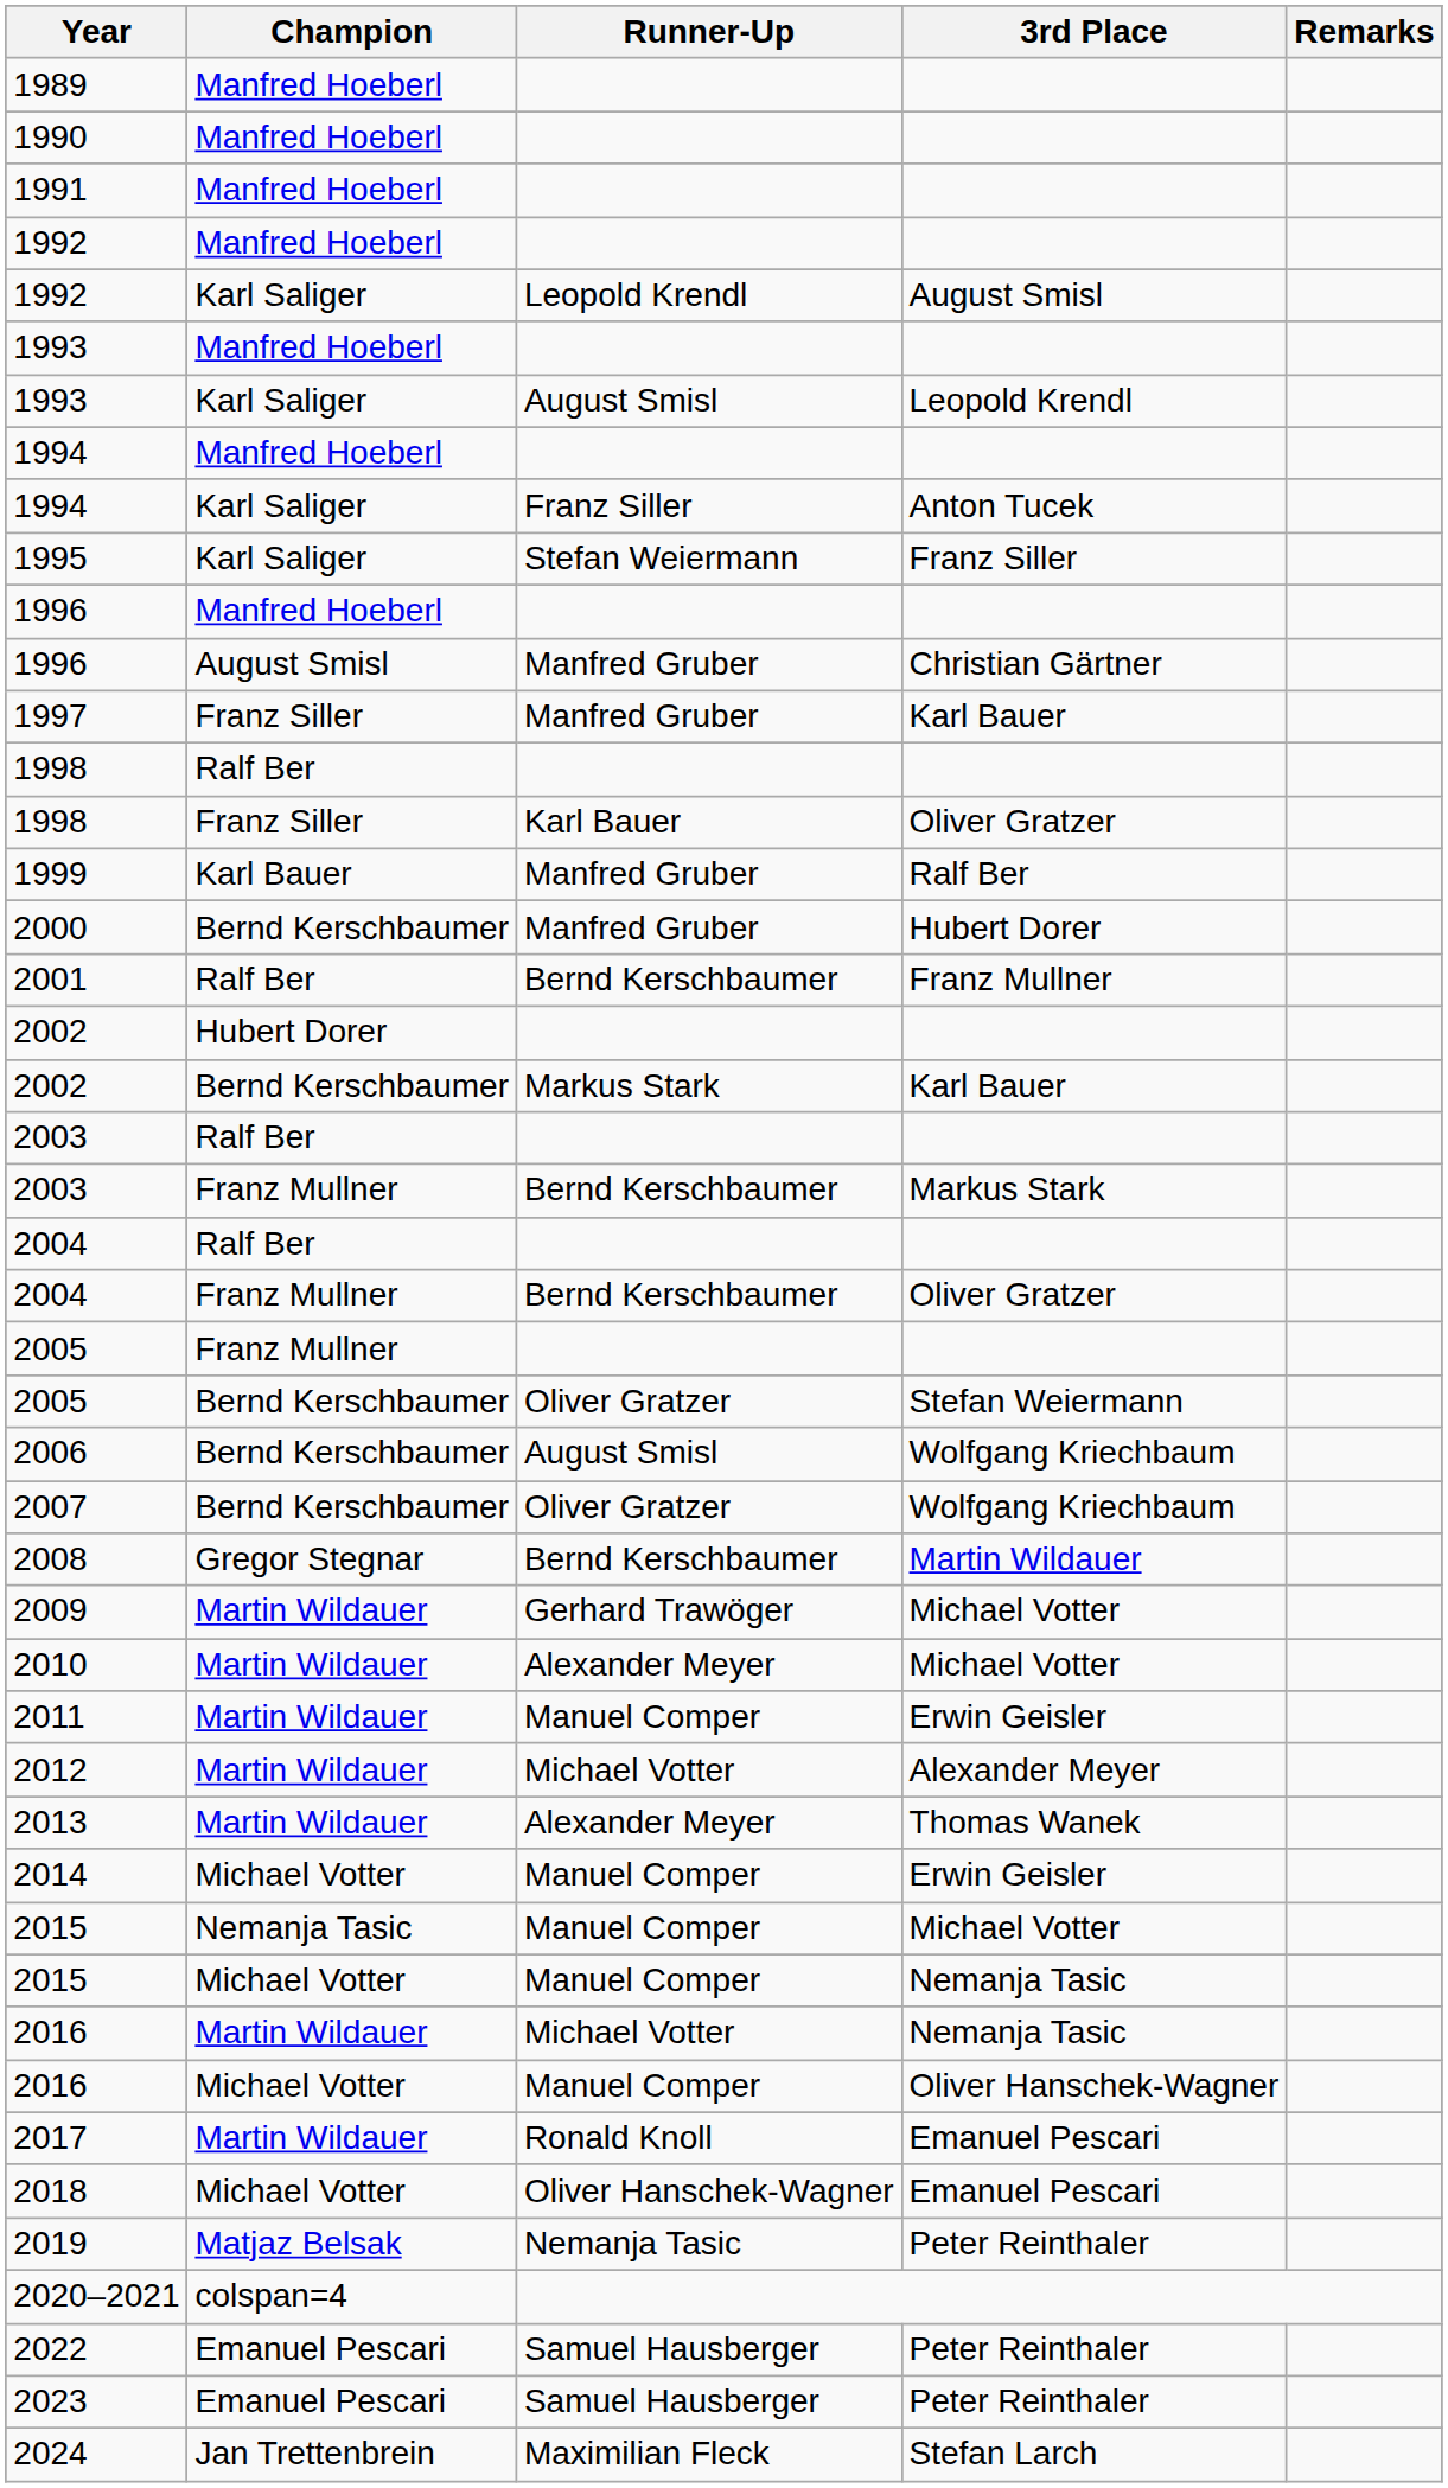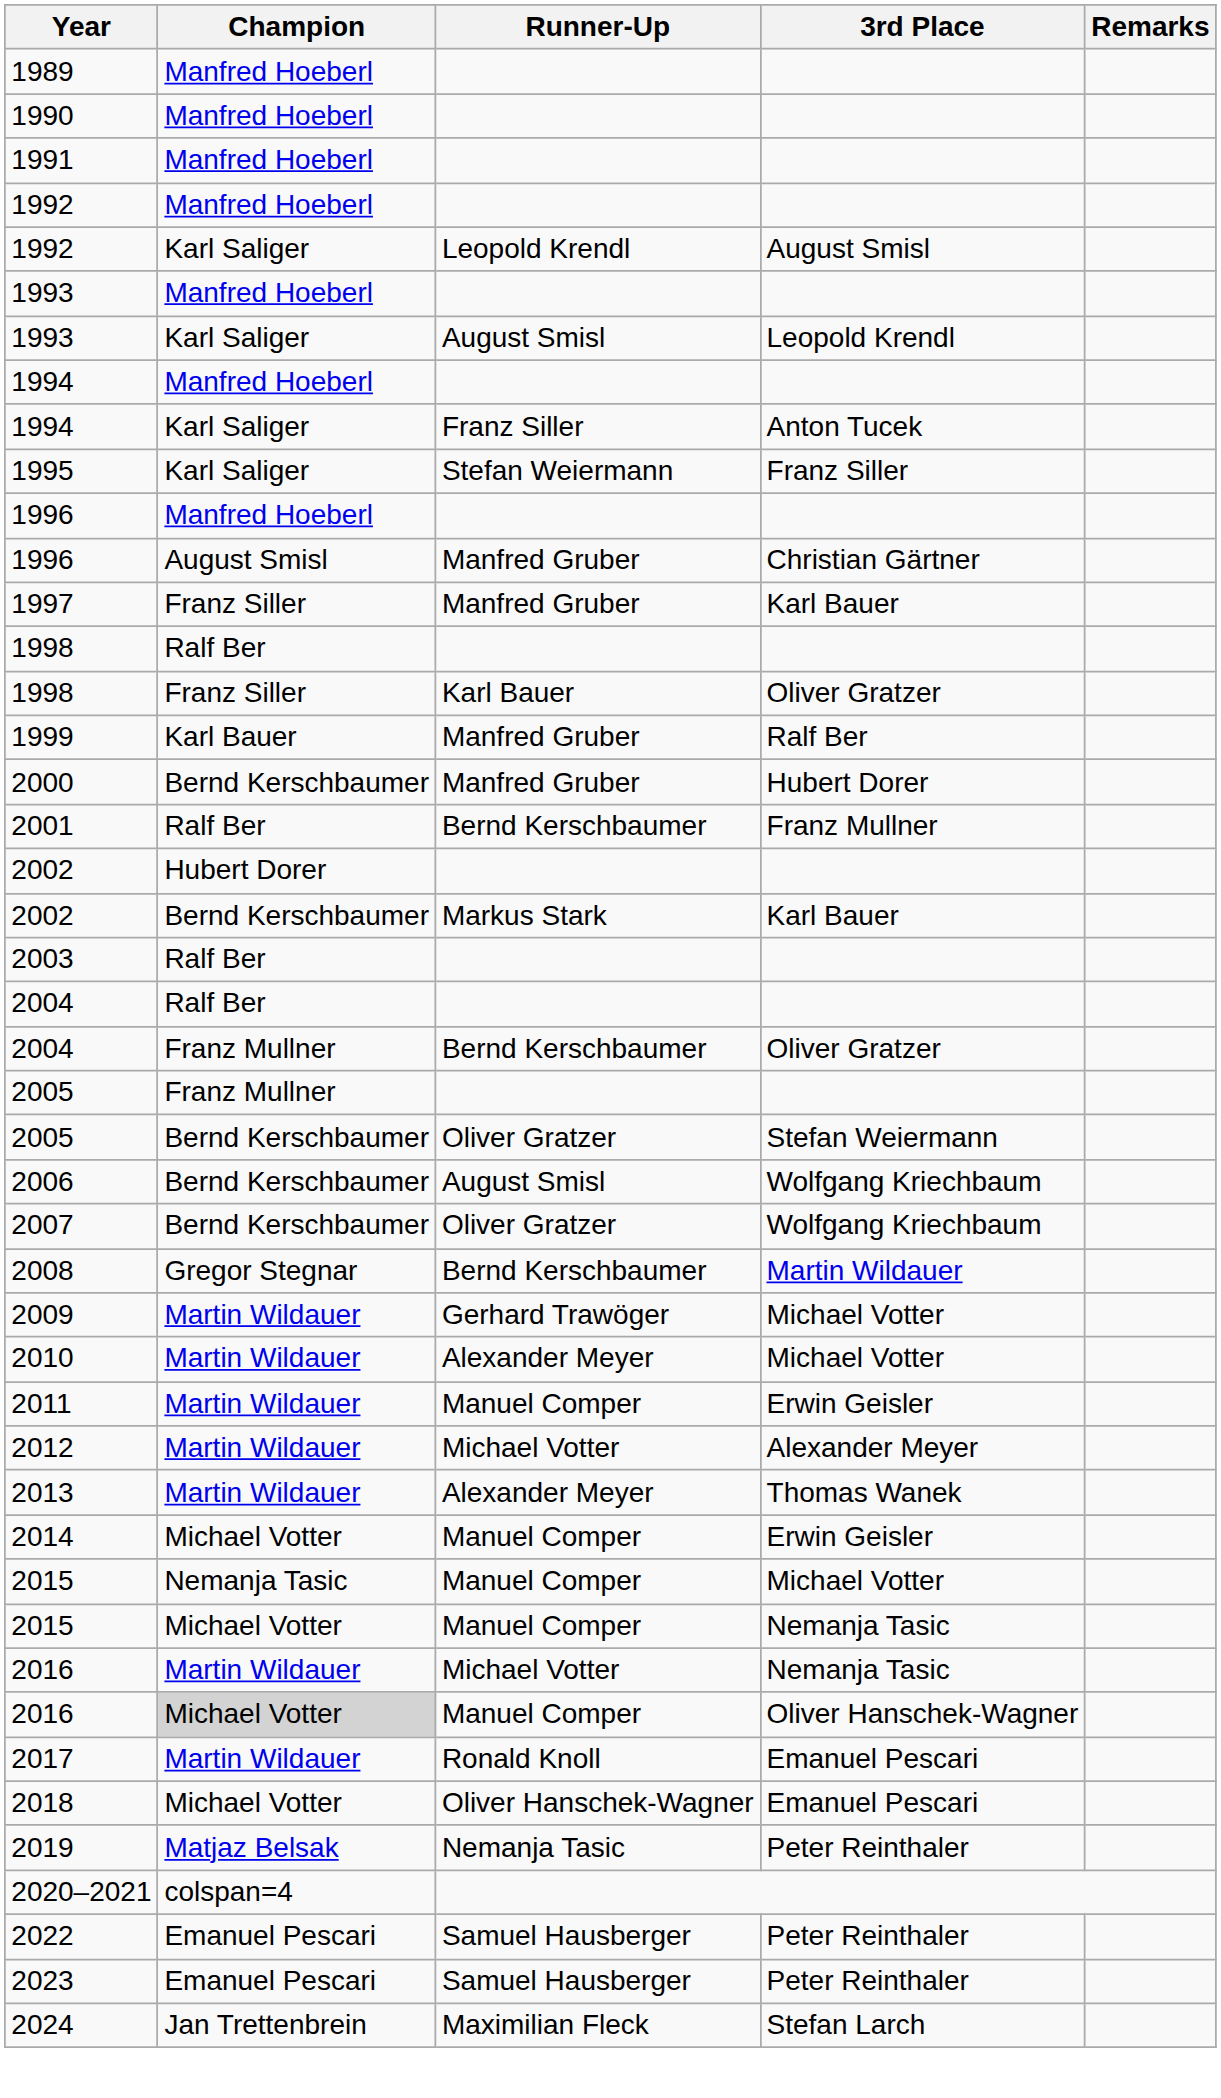 <table class="wikitable sortable" style="display: inline-table">
 <tr>
 <th>Year</th>
 <th>Champion</th>
 <th>Runner-Up</th>
 <th>3rd Place</th>
 <th>Remarks</th>
 </tr>
 <tr>
 <td>1989</td>
 <td> <a href='#'>Manfred Hoeberl</a></td>
 <td></td>
 <td></td>
 <td></td>
 </tr>
 <tr>
 <td>1990</td>
 <td> <a href='#'>Manfred Hoeberl</a></td>
 <td></td>
 <td></td>
 <td></td>
 </tr>
 <tr>
 <td>1991</td>
 <td> <a href='#'>Manfred Hoeberl</a></td>
 <td></td>
 <td></td>
 <td></td>
 </tr>
 <tr>
 <td>1992</td>
 <td> <a href='#'>Manfred Hoeberl</a></td>
 <td></td>
 <td></td>
 <td></td>
 </tr>
 <tr>
 <td>1992</td>
 <td> Karl Saliger</td>
 <td> Leopold Krendl</td>
 <td> August Smisl</td>
 <td></td>
 </tr>
 <tr>
 <td>1993</td>
 <td> <a href='#'>Manfred Hoeberl</a></td>
 <td></td>
 <td></td>
 <td></td>
 </tr>
 <tr>
 <td>1993</td>
 <td> Karl Saliger</td>
 <td> August Smisl</td>
 <td> Leopold Krendl</td>
 <td></td>
 </tr>
 <tr>
 <td>1994</td>
 <td> <a href='#'>Manfred Hoeberl</a></td>
 <td></td>
 <td></td>
 <td></td>
 </tr>
 <tr>
 <td>1994</td>
 <td> Karl Saliger</td>
 <td> Franz Siller</td>
 <td> Anton Tucek</td>
 <td></td>
 </tr>
 <tr>
 <td>1995</td>
 <td> Karl Saliger</td>
 <td> Stefan Weiermann</td>
 <td> Franz Siller</td>
 <td></td>
 </tr>
 <tr>
 <td>1996</td>
 <td> <a href='#'>Manfred Hoeberl</a></td>
 <td></td>
 <td></td>
 <td></td>
 </tr>
 <tr>
 <td>1996</td>
 <td> August Smisl</td>
 <td> Manfred Gruber</td>
 <td> Christian Gärtner</td>
 <td></td>
 </tr>
 <tr>
 <td>1997</td>
 <td> Franz Siller</td>
 <td> Manfred Gruber</td>
 <td> Karl Bauer</td>
 <td></td>
 </tr>
 <tr>
 <td>1998</td>
 <td> Ralf Ber</td>
 <td></td>
 <td></td>
 <td></td>
 </tr>
 <tr>
 <td>1998</td>
 <td> Franz Siller</td>
 <td> Karl Bauer</td>
 <td> Oliver Gratzer</td>
 <td></td>
 </tr>
 <tr>
 <td>1999</td>
 <td> Karl Bauer</td>
 <td> Manfred Gruber</td>
 <td> Ralf Ber</td>
 <td></td>
 </tr>
 <tr>
 <td>2000</td>
 <td> Bernd Kerschbaumer</td>
 <td> Manfred Gruber</td>
 <td> Hubert Dorer</td>
 <td></td>
 </tr>
 <tr>
 <td>2001</td>
 <td> Ralf Ber</td>
 <td> Bernd Kerschbaumer</td>
 <td> Franz Mullner</td>
 <td></td>
 </tr>
 <tr>
 <td>2002</td>
 <td> Hubert Dorer</td>
 <td></td>
 <td></td>
 <td></td>
 </tr>
 <tr>
 <td>2002</td>
 <td> Bernd Kerschbaumer</td>
 <td> Markus Stark</td>
 <td> Karl Bauer</td>
 <td></td>
 </tr>
 <tr>
 <td>2003</td>
 <td> Ralf Ber</td>
 <td></td>
 <td></td>
 <td></td>
 </tr>
 <tr>
-<td>2003</td>
-<td> Franz Mullner</td>
-<td> Bernd Kerschbaumer</td>
-<td> Markus Stark</td>
-<td></td>
-</tr>
-<tr>
 <td>2004</td>
 <td> Ralf Ber</td>
 <td></td>
 <td></td>
 <td></td>
 </tr>
 <tr>
 <td>2004</td>
 <td> Franz Mullner</td>
 <td> Bernd Kerschbaumer</td>
 <td> Oliver Gratzer</td>
 <td></td>
 </tr>
 <tr>
 <td>2005</td>
 <td> Franz Mullner</td>
 <td></td>
 <td></td>
 <td></td>
 </tr>
 <tr>
 <td>2005</td>
 <td> Bernd Kerschbaumer</td>
 <td> Oliver Gratzer</td>
 <td> Stefan Weiermann</td>
 <td></td>
 </tr>
 <tr>
 <td>2006</td>
 <td> Bernd Kerschbaumer</td>
 <td> August Smisl</td>
 <td> Wolfgang Kriechbaum</td>
 <td></td>
 </tr>
 <tr>
 <td>2007</td>
 <td> Bernd Kerschbaumer</td>
 <td> Oliver Gratzer</td>
 <td> Wolfgang Kriechbaum</td>
 <td></td>
 </tr>
 <tr>
 <td>2008</td>
 <td> Gregor Stegnar</td>
 <td> Bernd Kerschbaumer</td>
 <td> <a href='#'>Martin Wildauer</a></td>
 <td></td>
 </tr>
 <tr>
 <td>2009</td>
 <td> <a href='#'>Martin Wildauer</a></td>
 <td> Gerhard Trawöger</td>
 <td> Michael Votter</td>
 <td></td>
 </tr>
 <tr>
 <td>2010</td>
 <td> <a href='#'>Martin Wildauer</a></td>
 <td> Alexander Meyer</td>
 <td> Michael Votter</td>
 <td></td>
 </tr>
 <tr>
 <td>2011</td>
 <td> <a href='#'>Martin Wildauer</a></td>
 <td> Manuel Comper</td>
 <td> Erwin Geisler</td>
 <td></td>
 </tr>
 <tr>
 <td>2012</td>
 <td> <a href='#'>Martin Wildauer</a></td>
 <td> Michael Votter</td>
 <td> Alexander Meyer</td>
 <td></td>
 </tr>
 <tr>
 <td>2013</td>
 <td> <a href='#'>Martin Wildauer</a></td>
 <td> Alexander Meyer</td>
 <td> Thomas Wanek</td>
 <td></td>
 </tr>
 <tr>
 <td>2014</td>
 <td> Michael Votter</td>
 <td> Manuel Comper</td>
 <td> Erwin Geisler</td>
 <td></td>
 </tr>
 <tr>
 <td>2015 </td>
 <td> Nemanja Tasic</td>
 <td> Manuel Comper</td>
 <td> Michael Votter</td>
 <td></td>
 </tr>
 <tr>
 <td>2015 </td>
 <td> Michael Votter</td>
 <td> Manuel Comper</td>
 <td> Nemanja Tasic</td>
 <td></td>
 </tr>
 <tr>
 <td>2016 </td>
 <td> <a href='#'>Martin Wildauer</a></td>
 <td> Michael Votter</td>
 <td> Nemanja Tasic</td>
 <td></td>
 </tr>
 <tr>
 <td>2016 </td>
-<td> Michael Votter</td>
+<td style="background: lightgrey;"> Michael Votter</td>
 <td> Manuel Comper</td>
 <td> Oliver Hanschek-Wagner</td>
 <td></td>
 </tr>
 <tr>
 <td>2017</td>
 <td> <a href='#'>Martin Wildauer</a></td>
 <td> Ronald Knoll</td>
 <td> Emanuel Pescari</td>
 <td></td>
 </tr>
 <tr>
 <td>2018</td>
 <td> Michael Votter</td>
 <td> Oliver Hanschek-Wagner</td>
 <td> Emanuel Pescari</td>
 <td></td>
 </tr>
 <tr>
 <td>2019</td>
 <td> <a href='#'>Matjaz Belsak</a></td>
 <td> Nemanja Tasic</td>
 <td> Peter Reinthaler</td>
 <td></td>
 </tr>
 <tr>
 <td>2020–2021</td>
 <td>colspan=4 </td>
 </tr>
 <tr>
 <td>2022</td>
 <td> Emanuel Pescari</td>
 <td> Samuel Hausberger</td>
 <td> Peter Reinthaler</td>
 <td></td>
 </tr>
 <tr>
 <td>2023</td>
 <td> Emanuel Pescari</td>
 <td> Samuel Hausberger</td>
 <td> Peter Reinthaler</td>
 <td></td>
 </tr>
 <tr>
 <td>2024</td>
 <td> Jan Trettenbrein</td>
 <td> Maximilian Fleck</td>
 <td> Stefan Larch</td>
 <td></td>
 </tr>
 </table>
